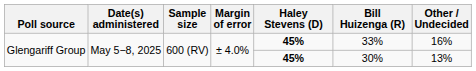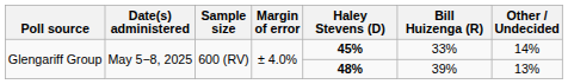 <table class="wikitable" style="font-size:90%;text-align:center;">
 <tr valign=bottom>
 <th>Poll source</th>
 <th>Date(s)<br>administered</th>
 <th>Sample<br>size</th>
 <th>Margin<br>of error</th>
 <th style="width:100px;">Haley<br>Stevens (D)</th>
 <th style="width:100px;">Bill<br>Huizenga (R)</th>
 <th>Other /<br>Undecided</th>
 </tr>
 <tr>
 <td style="text-align:left;" rowspan="2">Glengariff Group</td>
 <td rowspan="2">May 5−8, 2025</td>
 <td rowspan="2">600 (RV)</td>
 <td rowspan="2">± 4.0%</td>
 <td><strong>45%</strong></td>
 <td>33%</td>
-<td>16%</td>
+<td>14%</td>
 </tr>
 <tr>
-<td><strong>45%</strong></td>
-<td>30%</td>
+<td><strong>48%</strong></td>
+<td>39%</td>
 <td>13%</td>
 </tr>
 </table>
